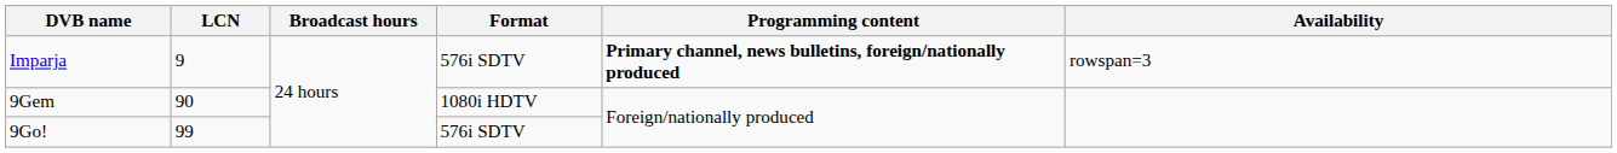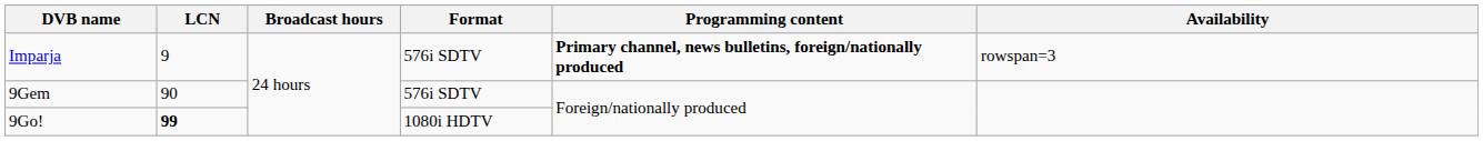 <table class="wikitable" style="font-size:90%; width:100%;">
 <tr>
 <th width="10%">DVB name</th>
 <th width="6%">LCN</th>
 <th width="10%">Broadcast hours</th>
 <th width="10%">Format</th>
 <th width="28%">Programming content</th>
 <th width="33%">Availability</th>
 </tr>
 <tr>
 <td><a href='#'>Imparja</a></td>
 <td>9</td>
 <td rowspan=3>24 hours</td>
 <td>576i SDTV</td>
 <td><strong>Primary channel, news bulletins, foreign/nationally produced </strong></td>
 <td>rowspan=3 </td>
 </tr>
 <tr>
 <td>9Gem</td>
 <td>90</td>
-<td>1080i HDTV</td>
+<td>576i SDTV</td>
 <td rowspan=2>Foreign/nationally produced </td>
 </tr>
 <tr>
 <td>9Go!</td>
-<td>99</td>
-<td>576i SDTV</td>
+<td><strong>99</strong></td>
+<td>1080i HDTV</td>
 </tr>
 </table>
